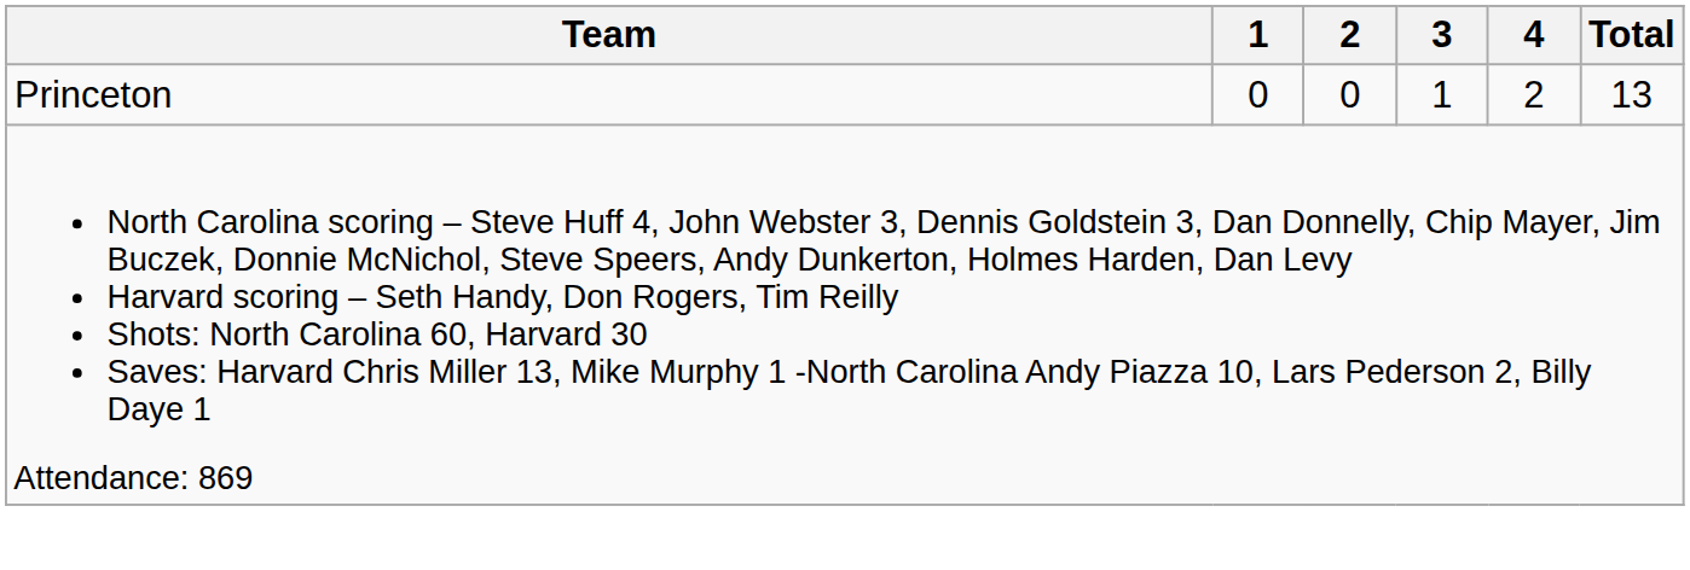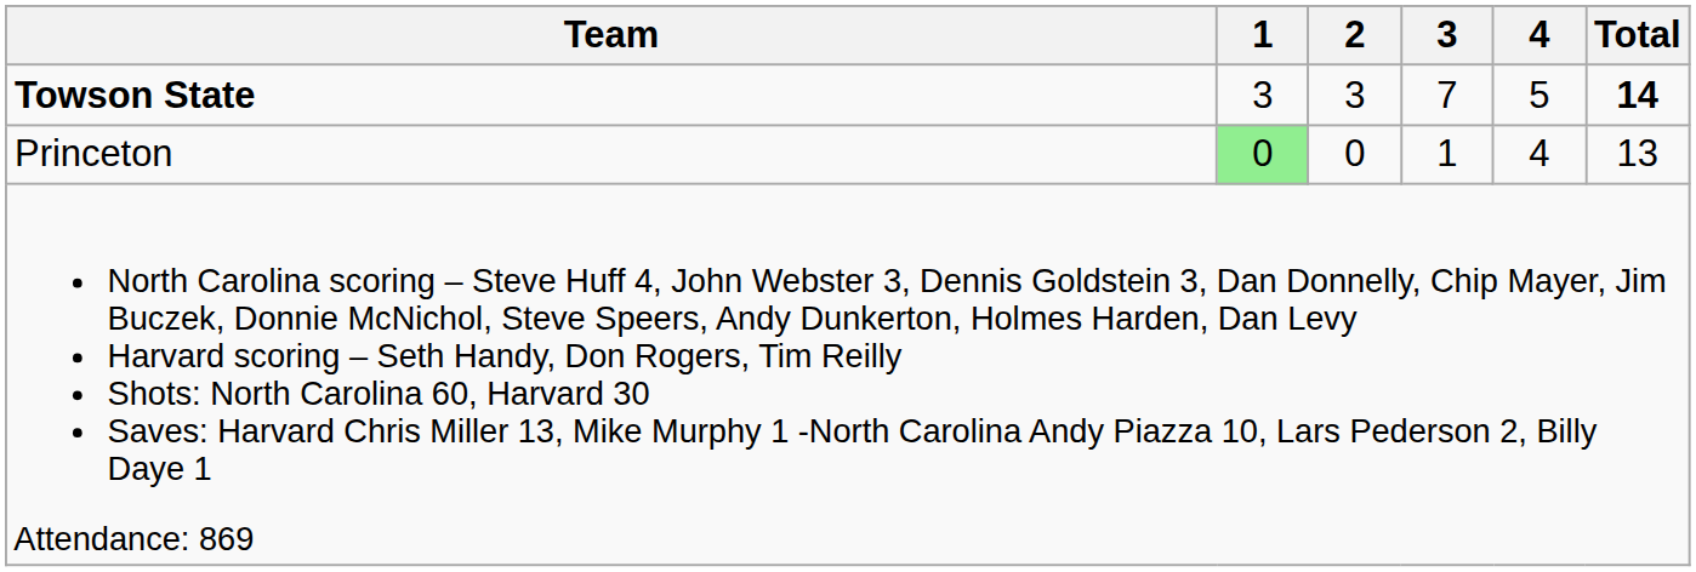 <table class="wikitable" style="text-align:center; max-width:45em">
 <tr>
 <th>Team</th>
 <th style="width:2em">1</th>
 <th style="width:2em">2</th>
 <th style="width:2em">3</th>
 <th style="width:2em">4</th>
 <th style="width:2em">Total</th>
 </tr>
 <tr>
+<td style="text-align:left"><strong>Towson State</strong></td>
+<td>3</td>
+<td>3</td>
+<td>7</td>
+<td>5</td>
+<td><strong>14</strong></td>
+</tr>
+<tr>
 <td style="text-align:left">Princeton</td>
-<td>0</td>
+<td style="background: lightgreen;">0</td>
 <td>0</td>
 <td>1</td>
-<td>2</td>
+<td>4</td>
 <td>13</td>
 </tr>
 <tr>
 <td colspan=6 style="text-align:left; font-size:88%;"><br><ul><li>North Carolina scoring – Steve Huff 4, John Webster 3, Dennis Goldstein 3, Dan Donnelly, Chip Mayer, Jim Buczek, Donnie McNichol, Steve Speers, Andy Dunkerton, Holmes Harden, Dan Levy</li><li>Harvard scoring – Seth Handy, Don Rogers, Tim Reilly</li><li>Shots: North Carolina 60, Harvard 30</li><li>Saves: Harvard Chris Miller 13, Mike Murphy 1 -North Carolina Andy Piazza 10, Lars Pederson 2, Billy Daye 1</li></ul>Attendance: 869 </td>
 </tr>
 </table>
